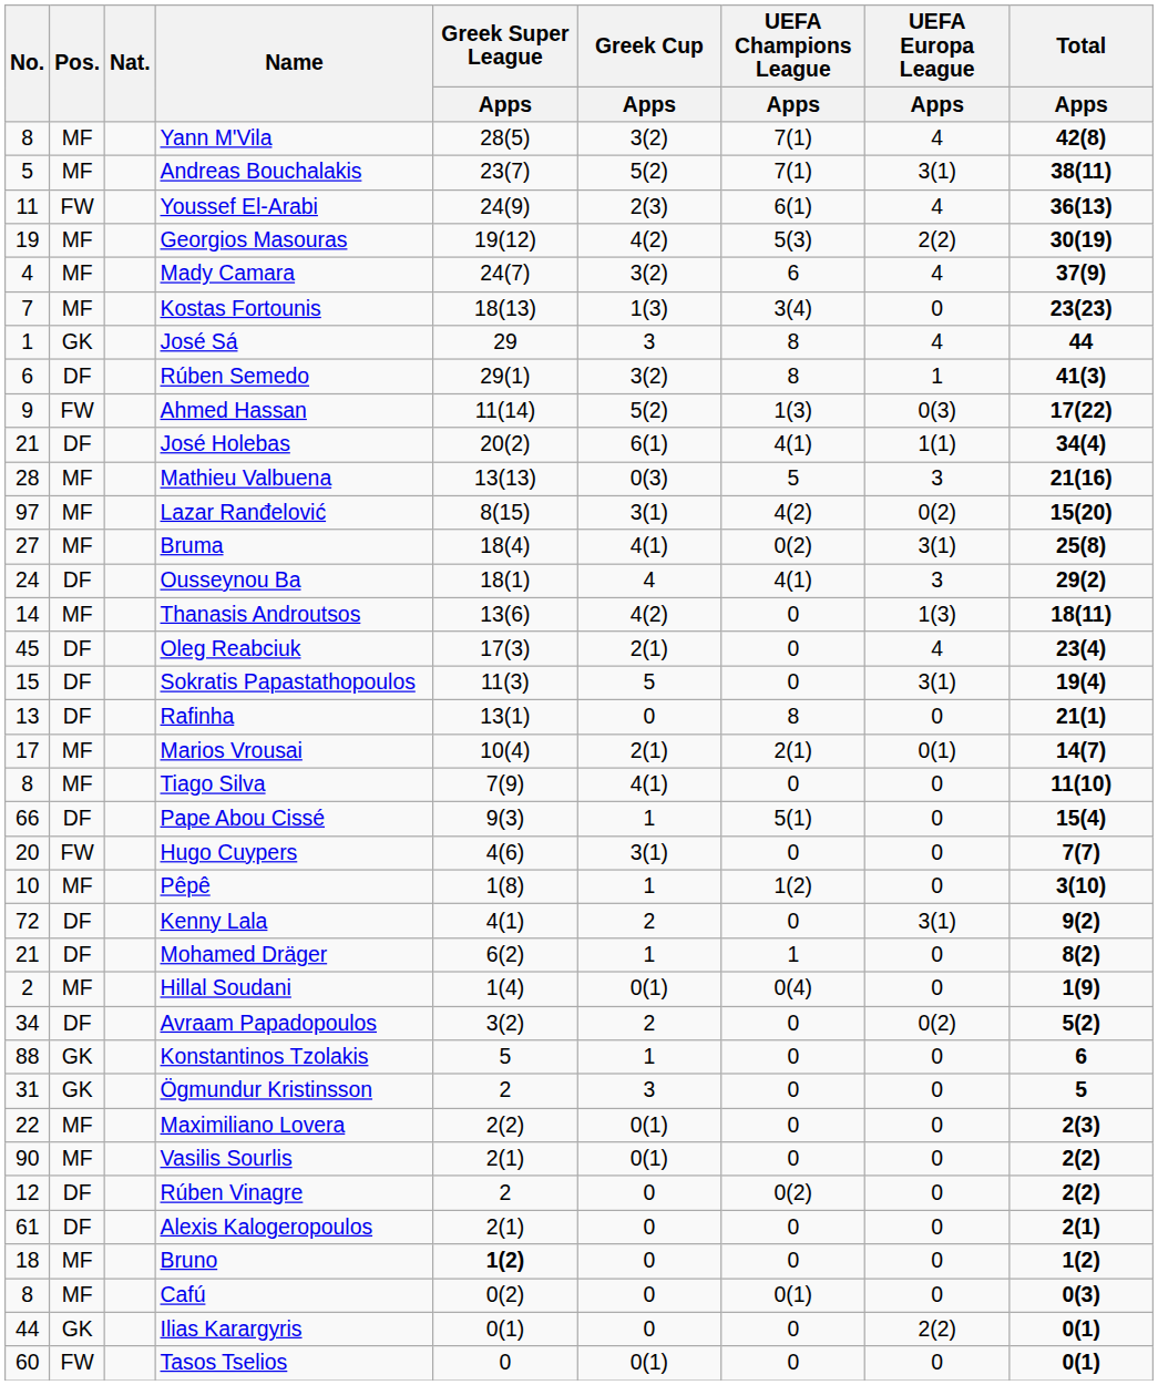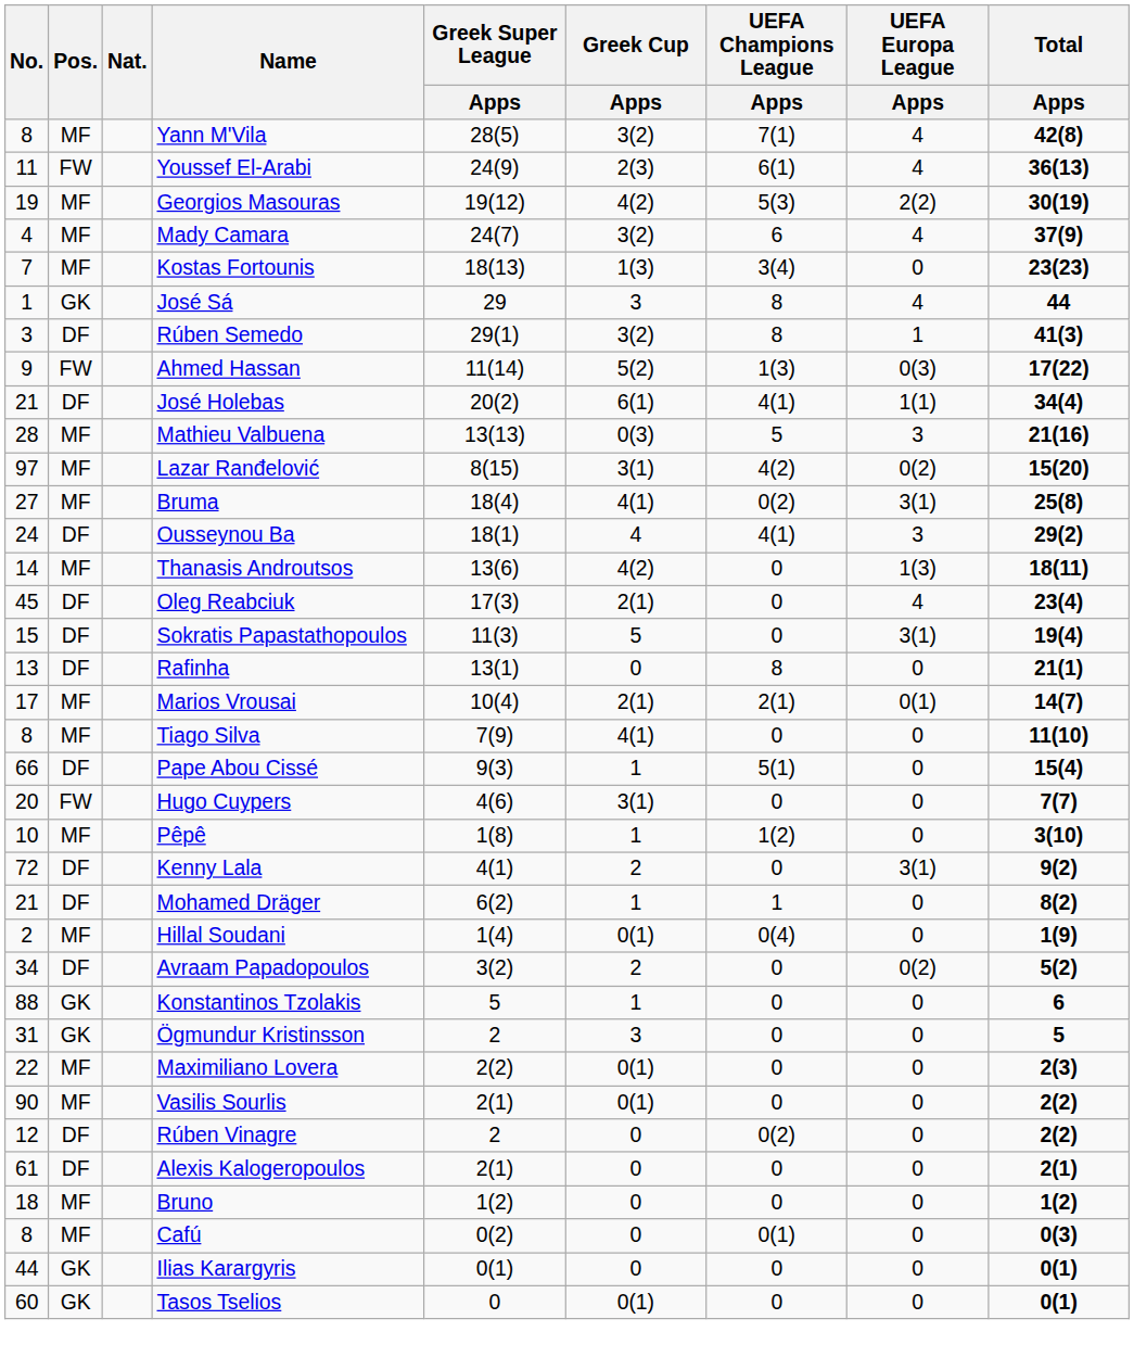 <table class="wikitable sortable" style="text-align:center">
 <tr>
 <th style="text-align:center;" rowspan="2">No.</th>
 <th style="text-align:center;" rowspan="2">Pos.</th>
 <th style="text-align:center;" rowspan="2">Nat.</th>
 <th style="text-align:center; width:200px;" rowspan="2">Name</th>
 <th style="text-align:center; width:100px;">Greek Super League</th>
 <th style="text-align:center; width:100px;">Greek Cup</th>
 <th style="text-align:center; width:100px;">UEFA Champions League</th>
 <th style="text-align:center; width:100px;">UEFA Europa League</th>
 <th style="text-align:center; width:100px;">Total</th>
 </tr>
 <tr>
 <th style="text-align:center;">Apps</th>
 <th style="text-align:center;">Apps</th>
 <th style="text-align:center;">Apps</th>
 <th style="text-align:center;">Apps</th>
 <th style="text-align:center;">Apps</th>
 </tr>
 <tr>
 <td>8</td>
 <td>MF</td>
 <td></td>
 <td align=left><a href='#'>Yann M'Vila</a></td>
 <td>28(5)</td>
 <td>3(2)</td>
 <td>7(1)</td>
 <td>4</td>
 <td><strong>42(8)</strong></td>
-</tr>
-<tr>
-<td>5</td>
-<td>MF</td>
-<td></td>
-<td align=left><a href='#'>Andreas Bouchalakis</a></td>
-<td>23(7)</td>
-<td>5(2)</td>
-<td>7(1)</td>
-<td>3(1)</td>
-<td><strong>38(11)</strong></td>
 </tr>
 <tr>
 <td>11</td>
 <td>FW</td>
 <td></td>
 <td align=left><a href='#'>Youssef El-Arabi</a></td>
 <td>24(9)</td>
 <td>2(3)</td>
 <td>6(1)</td>
 <td>4</td>
 <td><strong>36(13)</strong></td>
 </tr>
 <tr>
 <td>19</td>
 <td>MF</td>
 <td></td>
 <td align=left><a href='#'>Georgios Masouras</a></td>
 <td>19(12)</td>
 <td>4(2)</td>
 <td>5(3)</td>
 <td>2(2)</td>
 <td><strong>30(19)</strong></td>
 </tr>
 <tr>
 <td>4</td>
 <td>MF</td>
 <td></td>
 <td align=left><a href='#'>Mady Camara</a></td>
 <td>24(7)</td>
 <td>3(2)</td>
 <td>6</td>
 <td>4</td>
 <td><strong>37(9)</strong></td>
 </tr>
 <tr>
 <td>7</td>
 <td>MF</td>
 <td></td>
 <td align=left><a href='#'>Kostas Fortounis</a></td>
 <td>18(13)</td>
 <td>1(3)</td>
 <td>3(4)</td>
 <td>0</td>
 <td><strong>23(23)</strong></td>
 </tr>
 <tr>
 <td>1</td>
 <td>GK</td>
 <td></td>
 <td align=left><a href='#'>José Sá</a></td>
 <td>29</td>
 <td>3</td>
 <td>8</td>
 <td>4</td>
 <td><strong>44</strong></td>
 </tr>
 <tr>
-<td>6</td>
+<td>3</td>
 <td>DF</td>
 <td></td>
 <td align=left><a href='#'>Rúben Semedo</a></td>
 <td>29(1)</td>
 <td>3(2)</td>
 <td>8</td>
 <td>1</td>
 <td><strong>41(3)</strong></td>
 </tr>
 <tr>
 <td>9</td>
 <td>FW</td>
 <td></td>
 <td align=left><a href='#'>Ahmed Hassan</a></td>
 <td>11(14)</td>
 <td>5(2)</td>
 <td>1(3)</td>
 <td>0(3)</td>
 <td><strong>17(22)</strong></td>
 </tr>
 <tr>
 <td>21</td>
 <td>DF</td>
 <td></td>
 <td align=left><a href='#'>José Holebas</a></td>
 <td>20(2)</td>
 <td>6(1)</td>
 <td>4(1)</td>
 <td>1(1)</td>
 <td><strong>34(4)</strong></td>
 </tr>
 <tr>
 <td>28</td>
 <td>MF</td>
 <td></td>
 <td align=left><a href='#'>Mathieu Valbuena</a></td>
 <td>13(13)</td>
 <td>0(3)</td>
 <td>5</td>
 <td>3</td>
 <td><strong>21(16)</strong></td>
 </tr>
 <tr>
 <td>97</td>
 <td>MF</td>
 <td></td>
 <td align=left><a href='#'>Lazar Ranđelović</a></td>
 <td>8(15)</td>
 <td>3(1)</td>
 <td>4(2)</td>
 <td>0(2)</td>
 <td><strong>15(20)</strong></td>
 </tr>
 <tr>
 <td>27</td>
 <td>MF</td>
 <td></td>
 <td align=left><a href='#'>Bruma</a></td>
 <td>18(4)</td>
 <td>4(1)</td>
 <td>0(2)</td>
 <td>3(1)</td>
 <td><strong>25(8)</strong></td>
 </tr>
 <tr>
 <td>24</td>
 <td>DF</td>
 <td></td>
 <td align=left><a href='#'>Ousseynou Ba</a></td>
 <td>18(1)</td>
 <td>4</td>
 <td>4(1)</td>
 <td>3</td>
 <td><strong>29(2)</strong></td>
 </tr>
 <tr>
 <td>14</td>
 <td>MF</td>
 <td></td>
 <td align=left><a href='#'>Thanasis Androutsos</a></td>
 <td>13(6)</td>
 <td>4(2)</td>
 <td>0</td>
 <td>1(3)</td>
 <td><strong>18(11)</strong></td>
 </tr>
 <tr>
 <td>45</td>
 <td>DF</td>
 <td></td>
 <td align=left><a href='#'>Oleg Reabciuk</a></td>
 <td>17(3)</td>
 <td>2(1)</td>
 <td>0</td>
 <td>4</td>
 <td><strong>23(4)</strong></td>
 </tr>
 <tr>
 <td>15</td>
 <td>DF</td>
 <td></td>
 <td align=left><a href='#'>Sokratis Papastathopoulos</a></td>
 <td>11(3)</td>
 <td>5</td>
 <td>0</td>
 <td>3(1)</td>
 <td><strong>19(4)</strong></td>
 </tr>
 <tr>
 <td>13</td>
 <td>DF</td>
 <td></td>
 <td align=left><a href='#'>Rafinha</a></td>
 <td>13(1)</td>
 <td>0</td>
 <td>8</td>
 <td>0</td>
 <td><strong>21(1)</strong></td>
 </tr>
 <tr>
 <td>17</td>
 <td>MF</td>
 <td></td>
 <td align=left><a href='#'>Marios Vrousai</a></td>
 <td>10(4)</td>
 <td>2(1)</td>
 <td>2(1)</td>
 <td>0(1)</td>
 <td><strong>14(7)</strong></td>
 </tr>
 <tr>
 <td>8</td>
 <td>MF</td>
 <td></td>
 <td align=left><a href='#'>Tiago Silva</a></td>
 <td>7(9)</td>
 <td>4(1)</td>
 <td>0</td>
 <td>0</td>
 <td><strong>11(10)</strong></td>
 </tr>
 <tr>
 <td>66</td>
 <td>DF</td>
 <td></td>
 <td align=left><a href='#'>Pape Abou Cissé</a></td>
 <td>9(3)</td>
 <td>1</td>
 <td>5(1)</td>
 <td>0</td>
 <td><strong>15(4)</strong></td>
 </tr>
 <tr>
 <td>20</td>
 <td>FW</td>
 <td></td>
 <td align=left><a href='#'>Hugo Cuypers</a></td>
 <td>4(6)</td>
 <td>3(1)</td>
 <td>0</td>
 <td>0</td>
 <td><strong>7(7)</strong></td>
 </tr>
 <tr>
 <td>10</td>
 <td>MF</td>
 <td></td>
 <td align=left><a href='#'>Pêpê</a></td>
 <td>1(8)</td>
 <td>1</td>
 <td>1(2)</td>
 <td>0</td>
 <td><strong>3(10)</strong></td>
 </tr>
 <tr>
 <td>72</td>
 <td>DF</td>
 <td></td>
 <td align=left><a href='#'>Kenny Lala</a></td>
 <td>4(1)</td>
 <td>2</td>
 <td>0</td>
 <td>3(1)</td>
 <td><strong>9(2)</strong></td>
 </tr>
 <tr>
 <td>21</td>
 <td>DF</td>
 <td></td>
 <td align=left><a href='#'>Mohamed Dräger</a></td>
 <td>6(2)</td>
 <td>1</td>
 <td>1</td>
 <td>0</td>
 <td><strong>8(2)</strong></td>
 </tr>
 <tr>
 <td>2</td>
 <td>MF</td>
 <td></td>
 <td align=left><a href='#'>Hillal Soudani</a></td>
 <td>1(4)</td>
 <td>0(1)</td>
 <td>0(4)</td>
 <td>0</td>
 <td><strong>1(9)</strong></td>
 </tr>
 <tr>
 <td>34</td>
 <td>DF</td>
 <td></td>
 <td align=left><a href='#'>Avraam Papadopoulos</a></td>
 <td>3(2)</td>
 <td>2</td>
 <td>0</td>
 <td>0(2)</td>
 <td><strong>5(2)</strong></td>
 </tr>
 <tr>
 <td>88</td>
 <td>GK</td>
 <td></td>
 <td align=left><a href='#'>Konstantinos Tzolakis</a></td>
 <td>5</td>
 <td>1</td>
 <td>0</td>
 <td>0</td>
 <td><strong>6</strong></td>
 </tr>
 <tr>
 <td>31</td>
 <td>GK</td>
 <td></td>
 <td align=left><a href='#'>Ögmundur Kristinsson</a></td>
 <td>2</td>
 <td>3</td>
 <td>0</td>
 <td>0</td>
 <td><strong>5</strong></td>
 </tr>
 <tr>
 <td>22</td>
 <td>MF</td>
 <td></td>
 <td align=left><a href='#'>Maximiliano Lovera</a></td>
 <td>2(2)</td>
 <td>0(1)</td>
 <td>0</td>
 <td>0</td>
 <td><strong>2(3)</strong></td>
 </tr>
 <tr>
 <td>90</td>
 <td>MF</td>
 <td></td>
 <td align=left><a href='#'>Vasilis Sourlis</a></td>
 <td>2(1)</td>
 <td>0(1)</td>
 <td>0</td>
 <td>0</td>
 <td><strong>2(2)</strong></td>
 </tr>
 <tr>
 <td>12</td>
 <td>DF</td>
 <td></td>
 <td align=left><a href='#'>Rúben Vinagre</a></td>
 <td>2</td>
 <td>0</td>
 <td>0(2)</td>
 <td>0</td>
 <td><strong>2(2)</strong></td>
 </tr>
 <tr>
 <td>61</td>
 <td>DF</td>
 <td></td>
 <td align=left><a href='#'>Alexis Kalogeropoulos</a></td>
 <td>2(1)</td>
 <td>0</td>
 <td>0</td>
 <td>0</td>
 <td><strong>2(1)</strong></td>
 </tr>
 <tr>
 <td>18</td>
 <td>MF</td>
 <td></td>
 <td align=left><a href='#'>Bruno</a></td>
-<td><strong>1(2)</strong></td>
+<td>1(2)</td>
 <td>0</td>
 <td>0</td>
 <td>0</td>
 <td><strong>1(2)</strong></td>
 </tr>
 <tr>
 <td>8</td>
 <td>MF</td>
 <td></td>
 <td align=left><a href='#'>Cafú</a></td>
 <td>0(2)</td>
 <td>0</td>
 <td>0(1)</td>
 <td>0</td>
 <td><strong>0(3)</strong></td>
 </tr>
 <tr>
 <td>44</td>
 <td>GK</td>
 <td></td>
 <td align=left><a href='#'>Ilias Karargyris</a></td>
 <td>0(1)</td>
 <td>0</td>
 <td>0</td>
-<td>2(2)</td>
+<td>0</td>
 <td><strong>0(1)</strong></td>
 </tr>
 <tr>
 <td>60</td>
-<td>FW</td>
+<td>GK</td>
 <td></td>
 <td align=left><a href='#'>Tasos Tselios</a></td>
 <td>0</td>
 <td>0(1)</td>
 <td>0</td>
 <td>0</td>
 <td><strong>0(1)</strong></td>
 </tr>
 </table>
